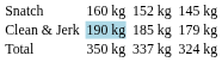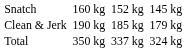 <table>
 <tr>
 <td>Snatch</td>
 <td></td>
 <td>160 kg</td>
 <td></td>
 <td>152 kg</td>
 <td></td>
 <td>145 kg</td>
 </tr>
 <tr>
 <td>Clean & Jerk</td>
 <td></td>
-<td style="background: lightblue;">190 kg</td>
+<td>190 kg</td>
 <td></td>
 <td>185 kg</td>
 <td></td>
 <td>179 kg</td>
 </tr>
 <tr>
 <td>Total</td>
 <td></td>
 <td>350 kg</td>
 <td></td>
 <td>337 kg</td>
 <td></td>
 <td>324 kg</td>
 </tr>
 </table>
